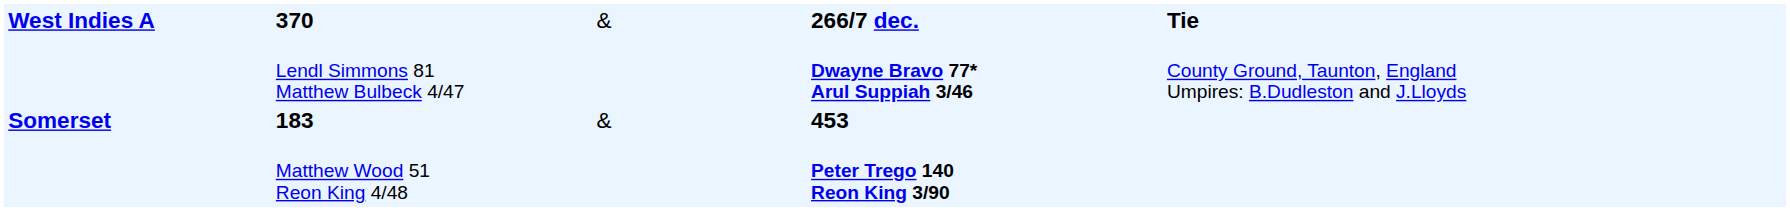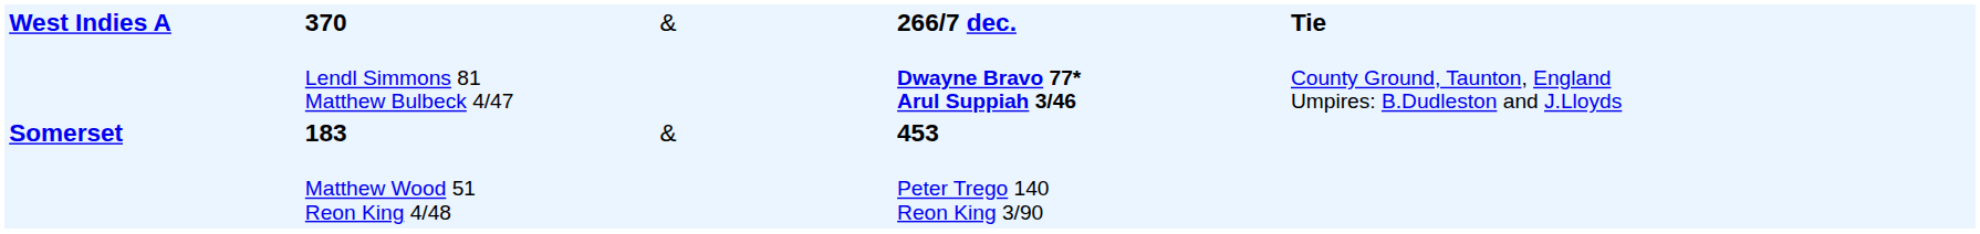 <table width="100%" style="background: #EBF5FF">
 <tr>
 <td width="15%" valign="top" rowspan="2"><strong><a href='#'>West Indies A</a></strong></td>
 <td width="18%"><strong>370</strong></td>
 <td width="12%">&</td>
 <td width="20%"><strong>266/7 <a href='#'>dec.</a></strong></td>
 <td width="35%"><strong>Tie</strong></td>
 </tr>
 <tr>
 <td style="font-size: 85%;" valign="top"><br><a href='#'>Lendl Simmons</a> 81<br> <a href='#'>Matthew Bulbeck</a> 4/47</td>
 <td></td>
 <td style="font-size: 85%;"><strong><br><a href='#'>Dwayne Bravo</a> 77*<br> <a href='#'>Arul Suppiah</a> 3/46</strong></td>
 <td valign="top" style="font-size: 85%;" rowspan="3"><br><a href='#'>County Ground, Taunton</a>, <a href='#'>England</a><br> Umpires: <a href='#'>B.Dudleston</a> and <a href='#'>J.Lloyds</a></td>
 </tr>
 <tr>
 <td valign="top" rowspan="2"><strong><a href='#'>Somerset</a></strong></td>
 <td><strong>183</strong></td>
 <td>&</td>
 <td><strong>453</strong></td>
 </tr>
 <tr>
 <td style="font-size: 85%;"><br><a href='#'>Matthew Wood</a> 51<br> <a href='#'>Reon King</a> 4/48</td>
 <td></td>
-<td valign="top" style="font-size: 85%;"><strong><br><a href='#'>Peter Trego</a> 140<br> <a href='#'>Reon King</a> 3/90</strong></td>
+<td valign="top" style="font-size: 85%;"><br><a href='#'>Peter Trego</a> 140<br> <a href='#'>Reon King</a> 3/90</td>
 </tr>
 </table>
